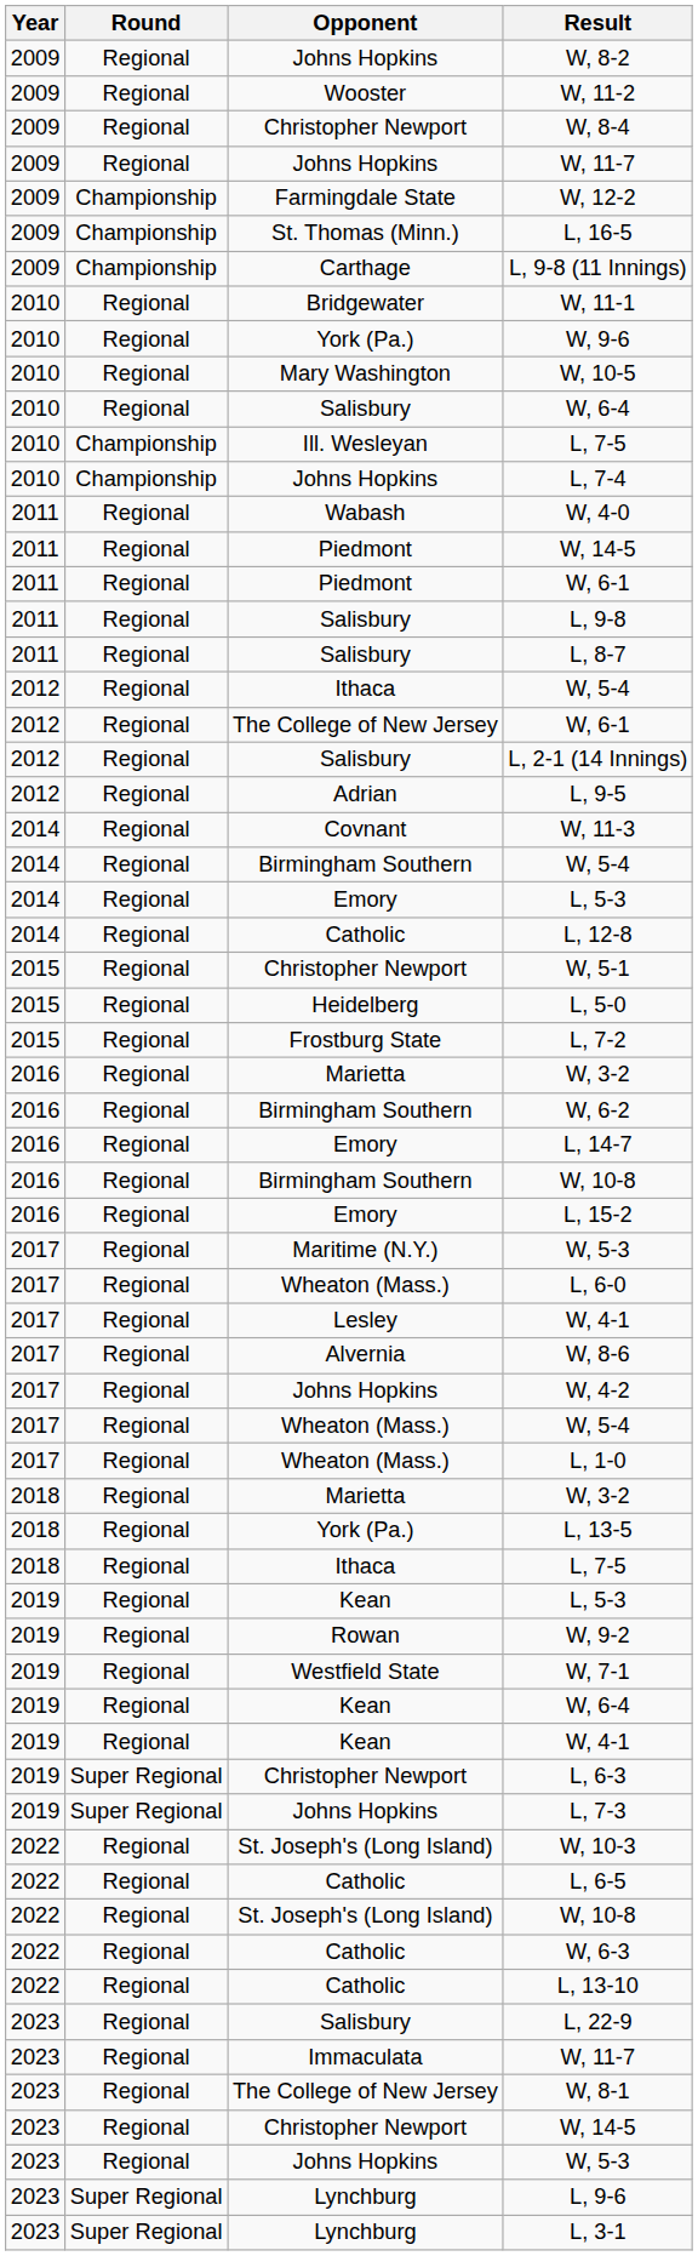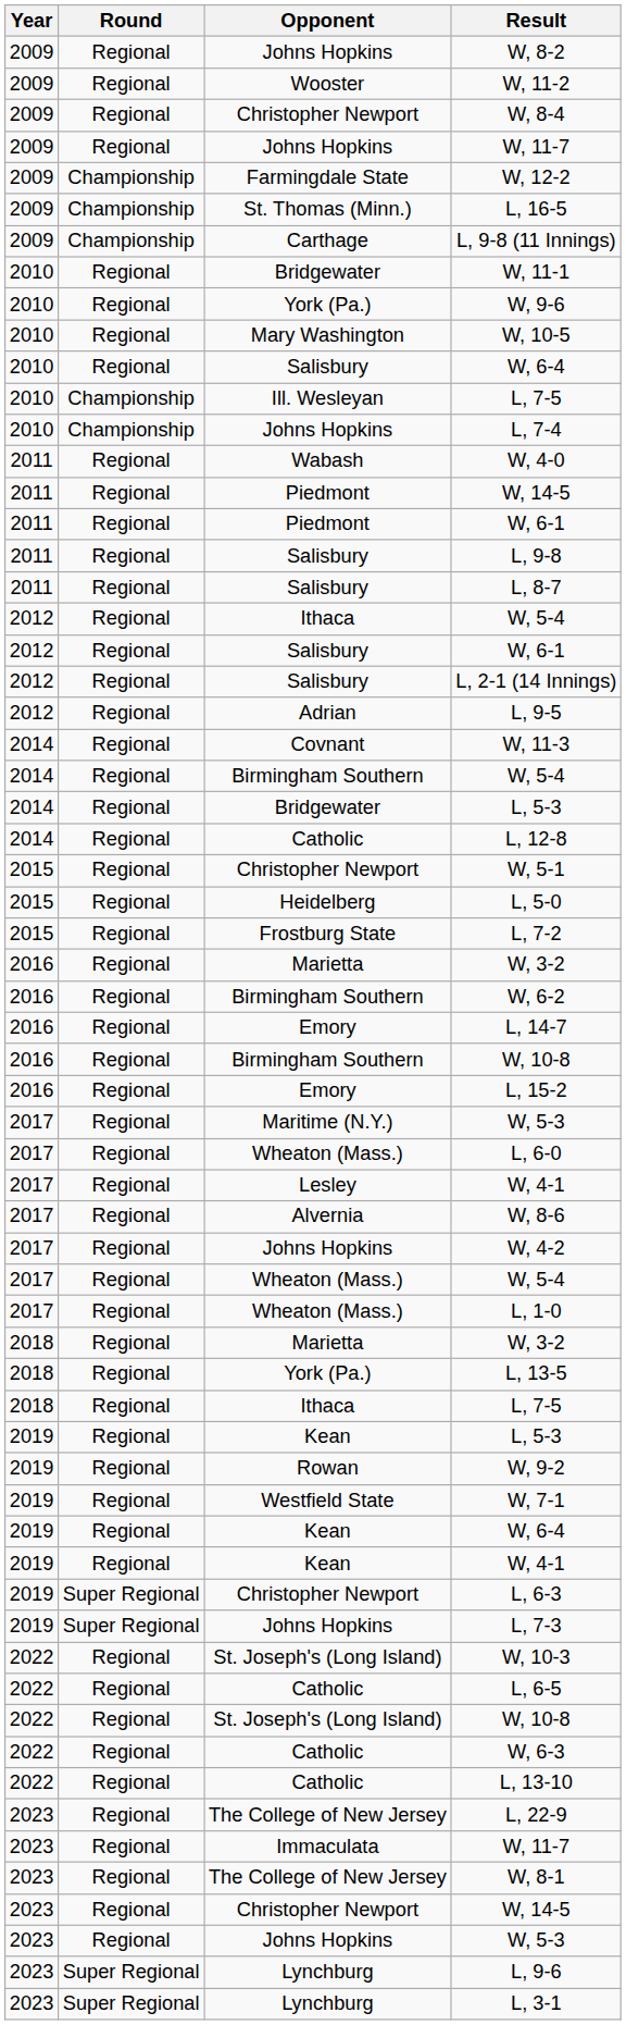 <table class="wikitable mw-collapsible" style="text-align:center">
 <tr>
 <th>Year</th>
 <th>Round</th>
 <th>Opponent</th>
 <th>Result</th>
 </tr>
 <tr>
 <td>2009</td>
 <td>Regional</td>
 <td>Johns Hopkins</td>
 <td>W, 8-2</td>
 </tr>
 <tr>
 <td>2009</td>
 <td>Regional</td>
 <td>Wooster</td>
 <td>W, 11-2</td>
 </tr>
 <tr>
 <td>2009</td>
 <td>Regional</td>
 <td>Christopher Newport</td>
 <td>W, 8-4</td>
 </tr>
 <tr>
 <td>2009</td>
 <td>Regional</td>
 <td>Johns Hopkins</td>
 <td>W, 11-7</td>
 </tr>
 <tr>
 <td>2009</td>
 <td>Championship</td>
 <td>Farmingdale State</td>
 <td>W, 12-2</td>
 </tr>
 <tr>
 <td>2009</td>
 <td>Championship</td>
 <td>St. Thomas (Minn.)</td>
 <td>L, 16-5</td>
 </tr>
 <tr>
 <td>2009</td>
 <td>Championship</td>
 <td>Carthage</td>
 <td>L, 9-8 (11 Innings)</td>
 </tr>
 <tr>
 <td>2010</td>
 <td>Regional</td>
 <td>Bridgewater</td>
 <td>W, 11-1</td>
 </tr>
 <tr>
 <td>2010</td>
 <td>Regional</td>
 <td>York (Pa.)</td>
 <td>W, 9-6</td>
 </tr>
 <tr>
 <td>2010</td>
 <td>Regional</td>
 <td>Mary Washington</td>
 <td>W, 10-5</td>
 </tr>
 <tr>
 <td>2010</td>
 <td>Regional</td>
 <td>Salisbury</td>
 <td>W, 6-4</td>
 </tr>
 <tr>
 <td>2010</td>
 <td>Championship</td>
 <td>Ill. Wesleyan</td>
 <td>L, 7-5</td>
 </tr>
 <tr>
 <td>2010</td>
 <td>Championship</td>
 <td>Johns Hopkins</td>
 <td>L, 7-4</td>
 </tr>
 <tr>
 <td>2011</td>
 <td>Regional</td>
 <td>Wabash</td>
 <td>W, 4-0</td>
 </tr>
 <tr>
 <td>2011</td>
 <td>Regional</td>
 <td>Piedmont</td>
 <td>W, 14-5</td>
 </tr>
 <tr>
 <td>2011</td>
 <td>Regional</td>
 <td>Piedmont</td>
 <td>W, 6-1</td>
 </tr>
 <tr>
 <td>2011</td>
 <td>Regional</td>
 <td>Salisbury</td>
 <td>L, 9-8</td>
 </tr>
 <tr>
 <td>2011</td>
 <td>Regional</td>
 <td>Salisbury</td>
 <td>L, 8-7</td>
 </tr>
 <tr>
 <td>2012</td>
 <td>Regional</td>
 <td>Ithaca</td>
 <td>W, 5-4</td>
 </tr>
 <tr>
 <td>2012</td>
 <td>Regional</td>
-<td>The College of New Jersey</td>
+<td>Salisbury</td>
 <td>W, 6-1</td>
 </tr>
 <tr>
 <td>2012</td>
 <td>Regional</td>
 <td>Salisbury</td>
 <td>L, 2-1 (14 Innings)</td>
 </tr>
 <tr>
 <td>2012</td>
 <td>Regional</td>
 <td>Adrian</td>
 <td>L, 9-5</td>
 </tr>
 <tr>
 <td>2014</td>
 <td>Regional</td>
 <td>Covnant</td>
 <td>W, 11-3</td>
 </tr>
 <tr>
 <td>2014</td>
 <td>Regional</td>
 <td>Birmingham Southern</td>
 <td>W, 5-4</td>
 </tr>
 <tr>
 <td>2014</td>
 <td>Regional</td>
-<td>Emory</td>
+<td>Bridgewater</td>
 <td>L, 5-3</td>
 </tr>
 <tr>
 <td>2014</td>
 <td>Regional</td>
 <td>Catholic</td>
 <td>L, 12-8</td>
 </tr>
 <tr>
 <td>2015</td>
 <td>Regional</td>
 <td>Christopher Newport</td>
 <td>W, 5-1</td>
 </tr>
 <tr>
 <td>2015</td>
 <td>Regional</td>
 <td>Heidelberg</td>
 <td>L, 5-0</td>
 </tr>
 <tr>
 <td>2015</td>
 <td>Regional</td>
 <td>Frostburg State</td>
 <td>L, 7-2</td>
 </tr>
 <tr>
 <td>2016</td>
 <td>Regional</td>
 <td>Marietta</td>
 <td>W, 3-2</td>
 </tr>
 <tr>
 <td>2016</td>
 <td>Regional</td>
 <td>Birmingham Southern</td>
 <td>W, 6-2</td>
 </tr>
 <tr>
 <td>2016</td>
 <td>Regional</td>
 <td>Emory</td>
 <td>L, 14-7</td>
 </tr>
 <tr>
 <td>2016</td>
 <td>Regional</td>
 <td>Birmingham Southern</td>
 <td>W, 10-8</td>
 </tr>
 <tr>
 <td>2016</td>
 <td>Regional</td>
 <td>Emory</td>
 <td>L, 15-2</td>
 </tr>
 <tr>
 <td>2017</td>
 <td>Regional</td>
 <td>Maritime (N.Y.)</td>
 <td>W, 5-3</td>
 </tr>
 <tr>
 <td>2017</td>
 <td>Regional</td>
 <td>Wheaton (Mass.)</td>
 <td>L, 6-0</td>
 </tr>
 <tr>
 <td>2017</td>
 <td>Regional</td>
 <td>Lesley</td>
 <td>W, 4-1</td>
 </tr>
 <tr>
 <td>2017</td>
 <td>Regional</td>
 <td>Alvernia</td>
 <td>W, 8-6</td>
 </tr>
 <tr>
 <td>2017</td>
 <td>Regional</td>
 <td>Johns Hopkins</td>
 <td>W, 4-2</td>
 </tr>
 <tr>
 <td>2017</td>
 <td>Regional</td>
 <td>Wheaton (Mass.)</td>
 <td>W, 5-4</td>
 </tr>
 <tr>
 <td>2017</td>
 <td>Regional</td>
 <td>Wheaton (Mass.)</td>
 <td>L, 1-0</td>
 </tr>
 <tr>
 <td>2018</td>
 <td>Regional</td>
 <td>Marietta</td>
 <td>W, 3-2</td>
 </tr>
 <tr>
 <td>2018</td>
 <td>Regional</td>
 <td>York (Pa.)</td>
 <td>L, 13-5</td>
 </tr>
 <tr>
 <td>2018</td>
 <td>Regional</td>
 <td>Ithaca</td>
 <td>L, 7-5</td>
 </tr>
 <tr>
 <td>2019</td>
 <td>Regional</td>
 <td>Kean</td>
 <td>L, 5-3</td>
 </tr>
 <tr>
 <td>2019</td>
 <td>Regional</td>
 <td>Rowan</td>
 <td>W, 9-2</td>
 </tr>
 <tr>
 <td>2019</td>
 <td>Regional</td>
 <td>Westfield State</td>
 <td>W, 7-1</td>
 </tr>
 <tr>
 <td>2019</td>
 <td>Regional</td>
 <td>Kean</td>
 <td>W, 6-4</td>
 </tr>
 <tr>
 <td>2019</td>
 <td>Regional</td>
 <td>Kean</td>
 <td>W, 4-1</td>
 </tr>
 <tr>
 <td>2019</td>
 <td>Super Regional</td>
 <td>Christopher Newport</td>
 <td>L, 6-3</td>
 </tr>
 <tr>
 <td>2019</td>
 <td>Super Regional</td>
 <td>Johns Hopkins</td>
 <td>L, 7-3</td>
 </tr>
 <tr>
 <td>2022</td>
 <td>Regional</td>
 <td>St. Joseph's (Long Island)</td>
 <td>W, 10-3</td>
 </tr>
 <tr>
 <td>2022</td>
 <td>Regional</td>
 <td>Catholic</td>
 <td>L, 6-5</td>
 </tr>
 <tr>
 <td>2022</td>
 <td>Regional</td>
 <td>St. Joseph's (Long Island)</td>
 <td>W, 10-8</td>
 </tr>
 <tr>
 <td>2022</td>
 <td>Regional</td>
 <td>Catholic</td>
 <td>W, 6-3</td>
 </tr>
 <tr>
 <td>2022</td>
 <td>Regional</td>
 <td>Catholic</td>
 <td>L, 13-10</td>
 </tr>
 <tr>
 <td>2023</td>
 <td>Regional</td>
-<td>Salisbury</td>
+<td>The College of New Jersey</td>
 <td>L, 22-9</td>
 </tr>
 <tr>
 <td>2023</td>
 <td>Regional</td>
 <td>Immaculata</td>
 <td>W, 11-7</td>
 </tr>
 <tr>
 <td>2023</td>
 <td>Regional</td>
 <td>The College of New Jersey</td>
 <td>W, 8-1</td>
 </tr>
 <tr>
 <td>2023</td>
 <td>Regional</td>
 <td>Christopher Newport</td>
 <td>W, 14-5</td>
 </tr>
 <tr>
 <td>2023</td>
 <td>Regional</td>
 <td>Johns Hopkins</td>
 <td>W, 5-3</td>
 </tr>
 <tr>
 <td>2023</td>
 <td>Super Regional</td>
 <td>Lynchburg</td>
 <td>L, 9-6</td>
 </tr>
 <tr>
 <td>2023</td>
 <td>Super Regional</td>
 <td>Lynchburg</td>
 <td>L, 3-1</td>
 </tr>
 </table>
